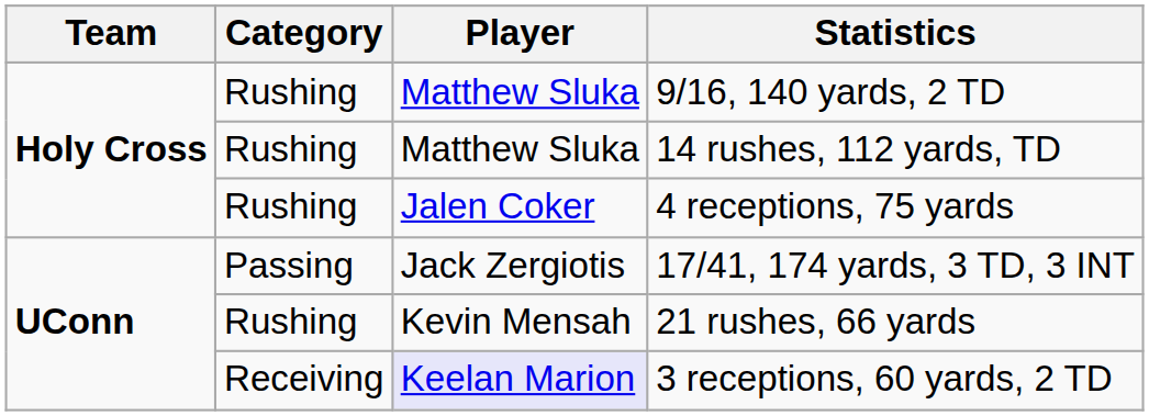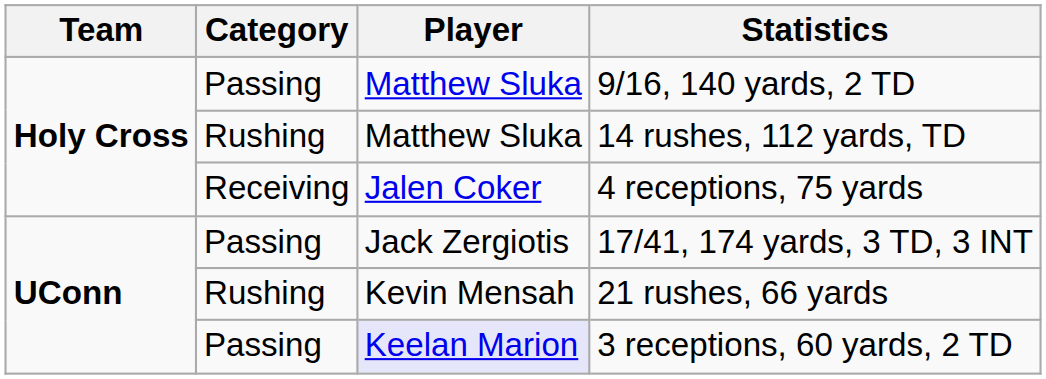 <table class="wikitable" style="float: right;">
 <tr>
 <th>Team</th>
 <th>Category</th>
 <th>Player</th>
 <th>Statistics</th>
 </tr>
 <tr>
 <td rowspan=3><strong>Holy Cross</strong></td>
-<td>Rushing</td>
+<td>Passing</td>
 <td><a href='#'>Matthew Sluka</a></td>
 <td>9/16, 140 yards, 2 TD</td>
 </tr>
 <tr>
 <td>Rushing</td>
 <td>Matthew Sluka</td>
 <td>14 rushes, 112 yards, TD</td>
 </tr>
 <tr>
-<td>Rushing</td>
+<td>Receiving</td>
 <td><a href='#'>Jalen Coker</a></td>
 <td>4 receptions, 75 yards</td>
 </tr>
 <tr>
 <td rowspan=3><strong>UConn</strong></td>
 <td>Passing</td>
 <td>Jack Zergiotis</td>
 <td>17/41, 174 yards, 3 TD, 3 INT</td>
 </tr>
 <tr>
 <td>Rushing</td>
 <td>Kevin Mensah</td>
 <td>21 rushes, 66 yards</td>
 </tr>
 <tr>
-<td>Receiving</td>
+<td>Passing</td>
 <td style="background: lavender;"><a href='#'>Keelan Marion</a></td>
 <td>3 receptions, 60 yards, 2 TD</td>
 </tr>
 </table>
